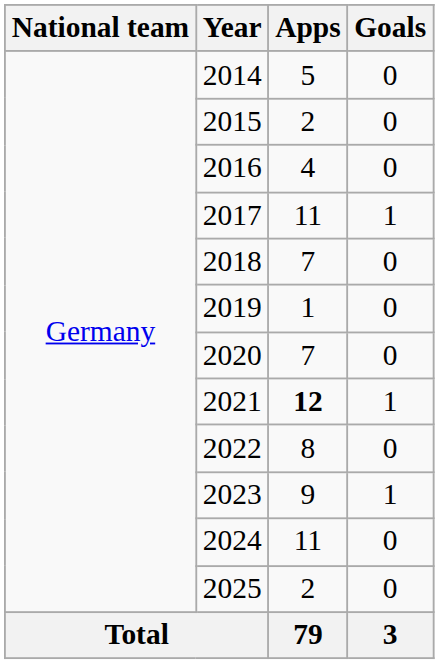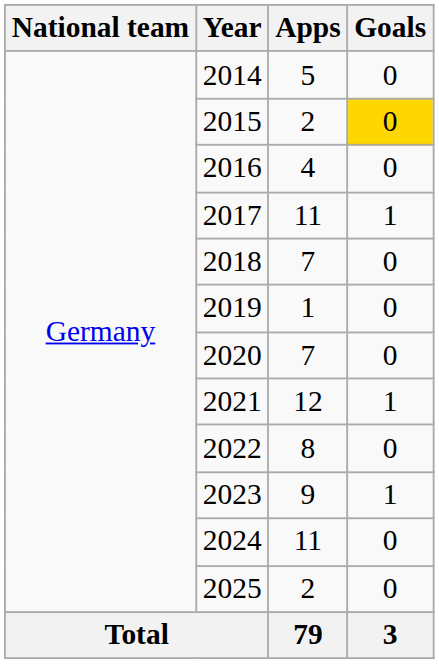 <table class="wikitable" style="text-align: center;">
 <tr>
 <th>National team</th>
 <th>Year</th>
 <th>Apps</th>
 <th>Goals</th>
 </tr>
 <tr>
 <td rowspan="12"><a href='#'>Germany</a></td>
 <td>2014</td>
 <td>5</td>
 <td>0</td>
 </tr>
 <tr>
 <td>2015</td>
 <td>2</td>
-<td>0</td>
+<td style="background: gold;">0</td>
 </tr>
 <tr>
 <td>2016</td>
 <td>4</td>
 <td>0</td>
 </tr>
 <tr>
 <td>2017</td>
 <td>11</td>
 <td>1</td>
 </tr>
 <tr>
 <td>2018</td>
 <td>7</td>
 <td>0</td>
 </tr>
 <tr>
 <td>2019</td>
 <td>1</td>
 <td>0</td>
 </tr>
 <tr>
 <td>2020</td>
 <td>7</td>
 <td>0</td>
 </tr>
 <tr>
 <td>2021</td>
-<td><strong>12</strong></td>
+<td>12</td>
 <td>1</td>
 </tr>
 <tr>
 <td>2022</td>
 <td>8</td>
 <td>0</td>
 </tr>
 <tr>
 <td>2023</td>
 <td>9</td>
 <td>1</td>
 </tr>
 <tr>
 <td>2024</td>
 <td>11</td>
 <td>0</td>
 </tr>
 <tr>
 <td>2025</td>
 <td>2</td>
 <td>0</td>
 </tr>
 <tr>
 <th colspan="2">Total</th>
 <th>79</th>
 <th>3</th>
 </tr>
 </table>
